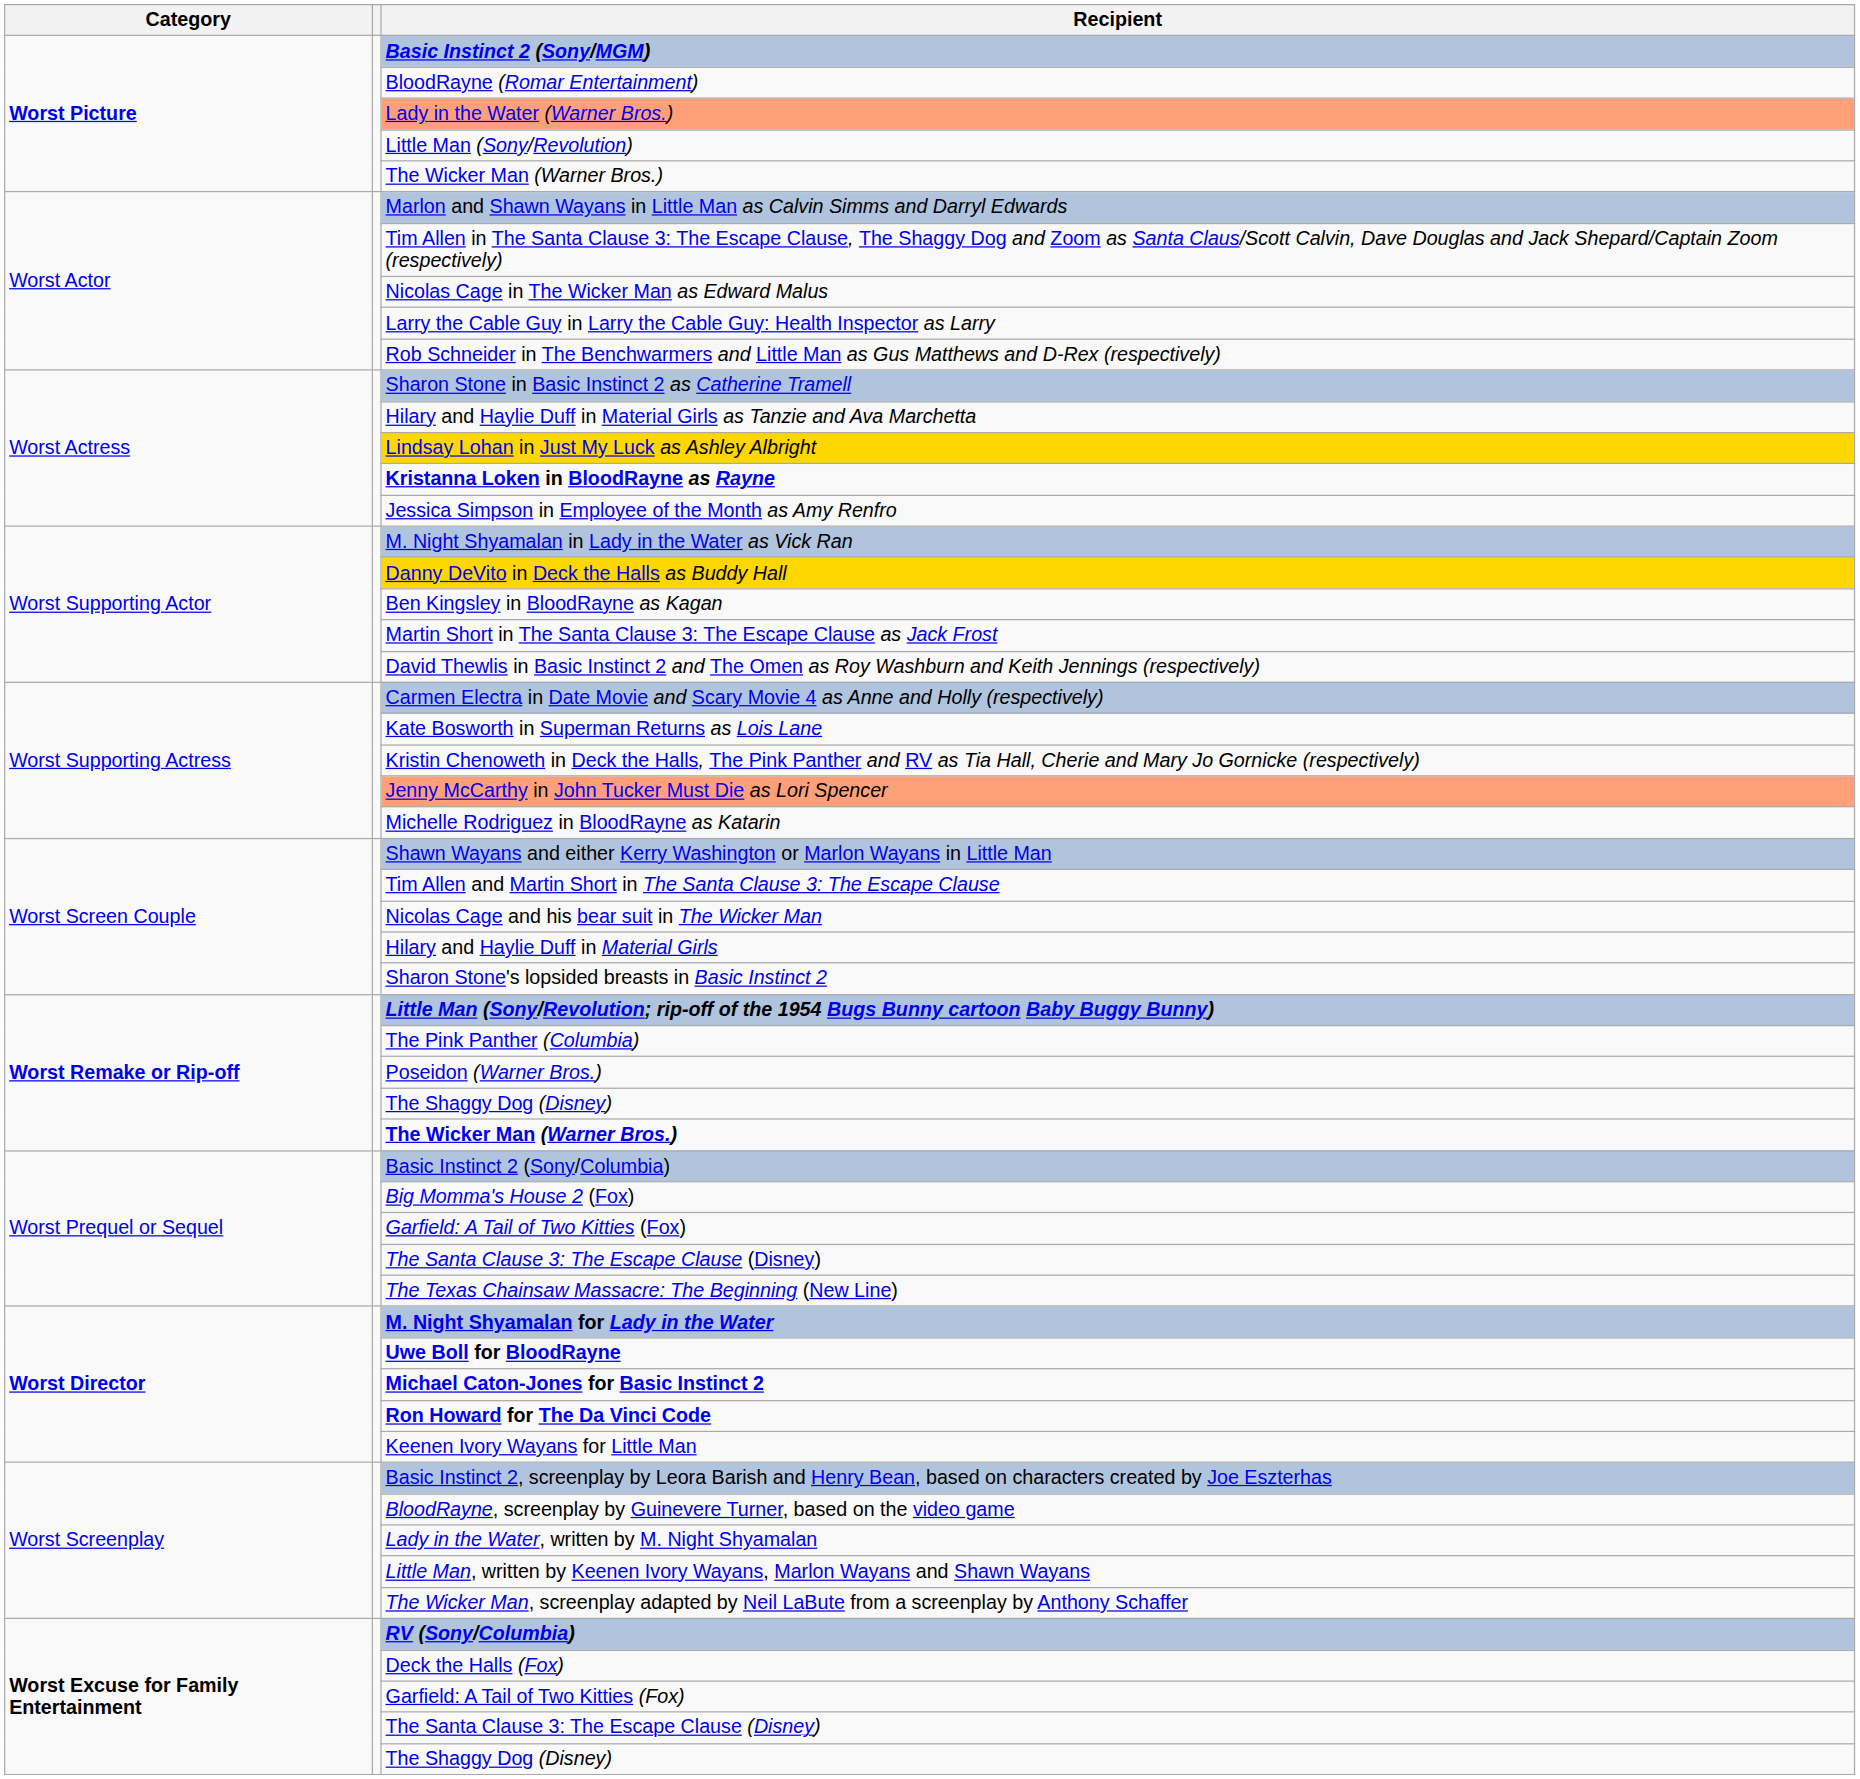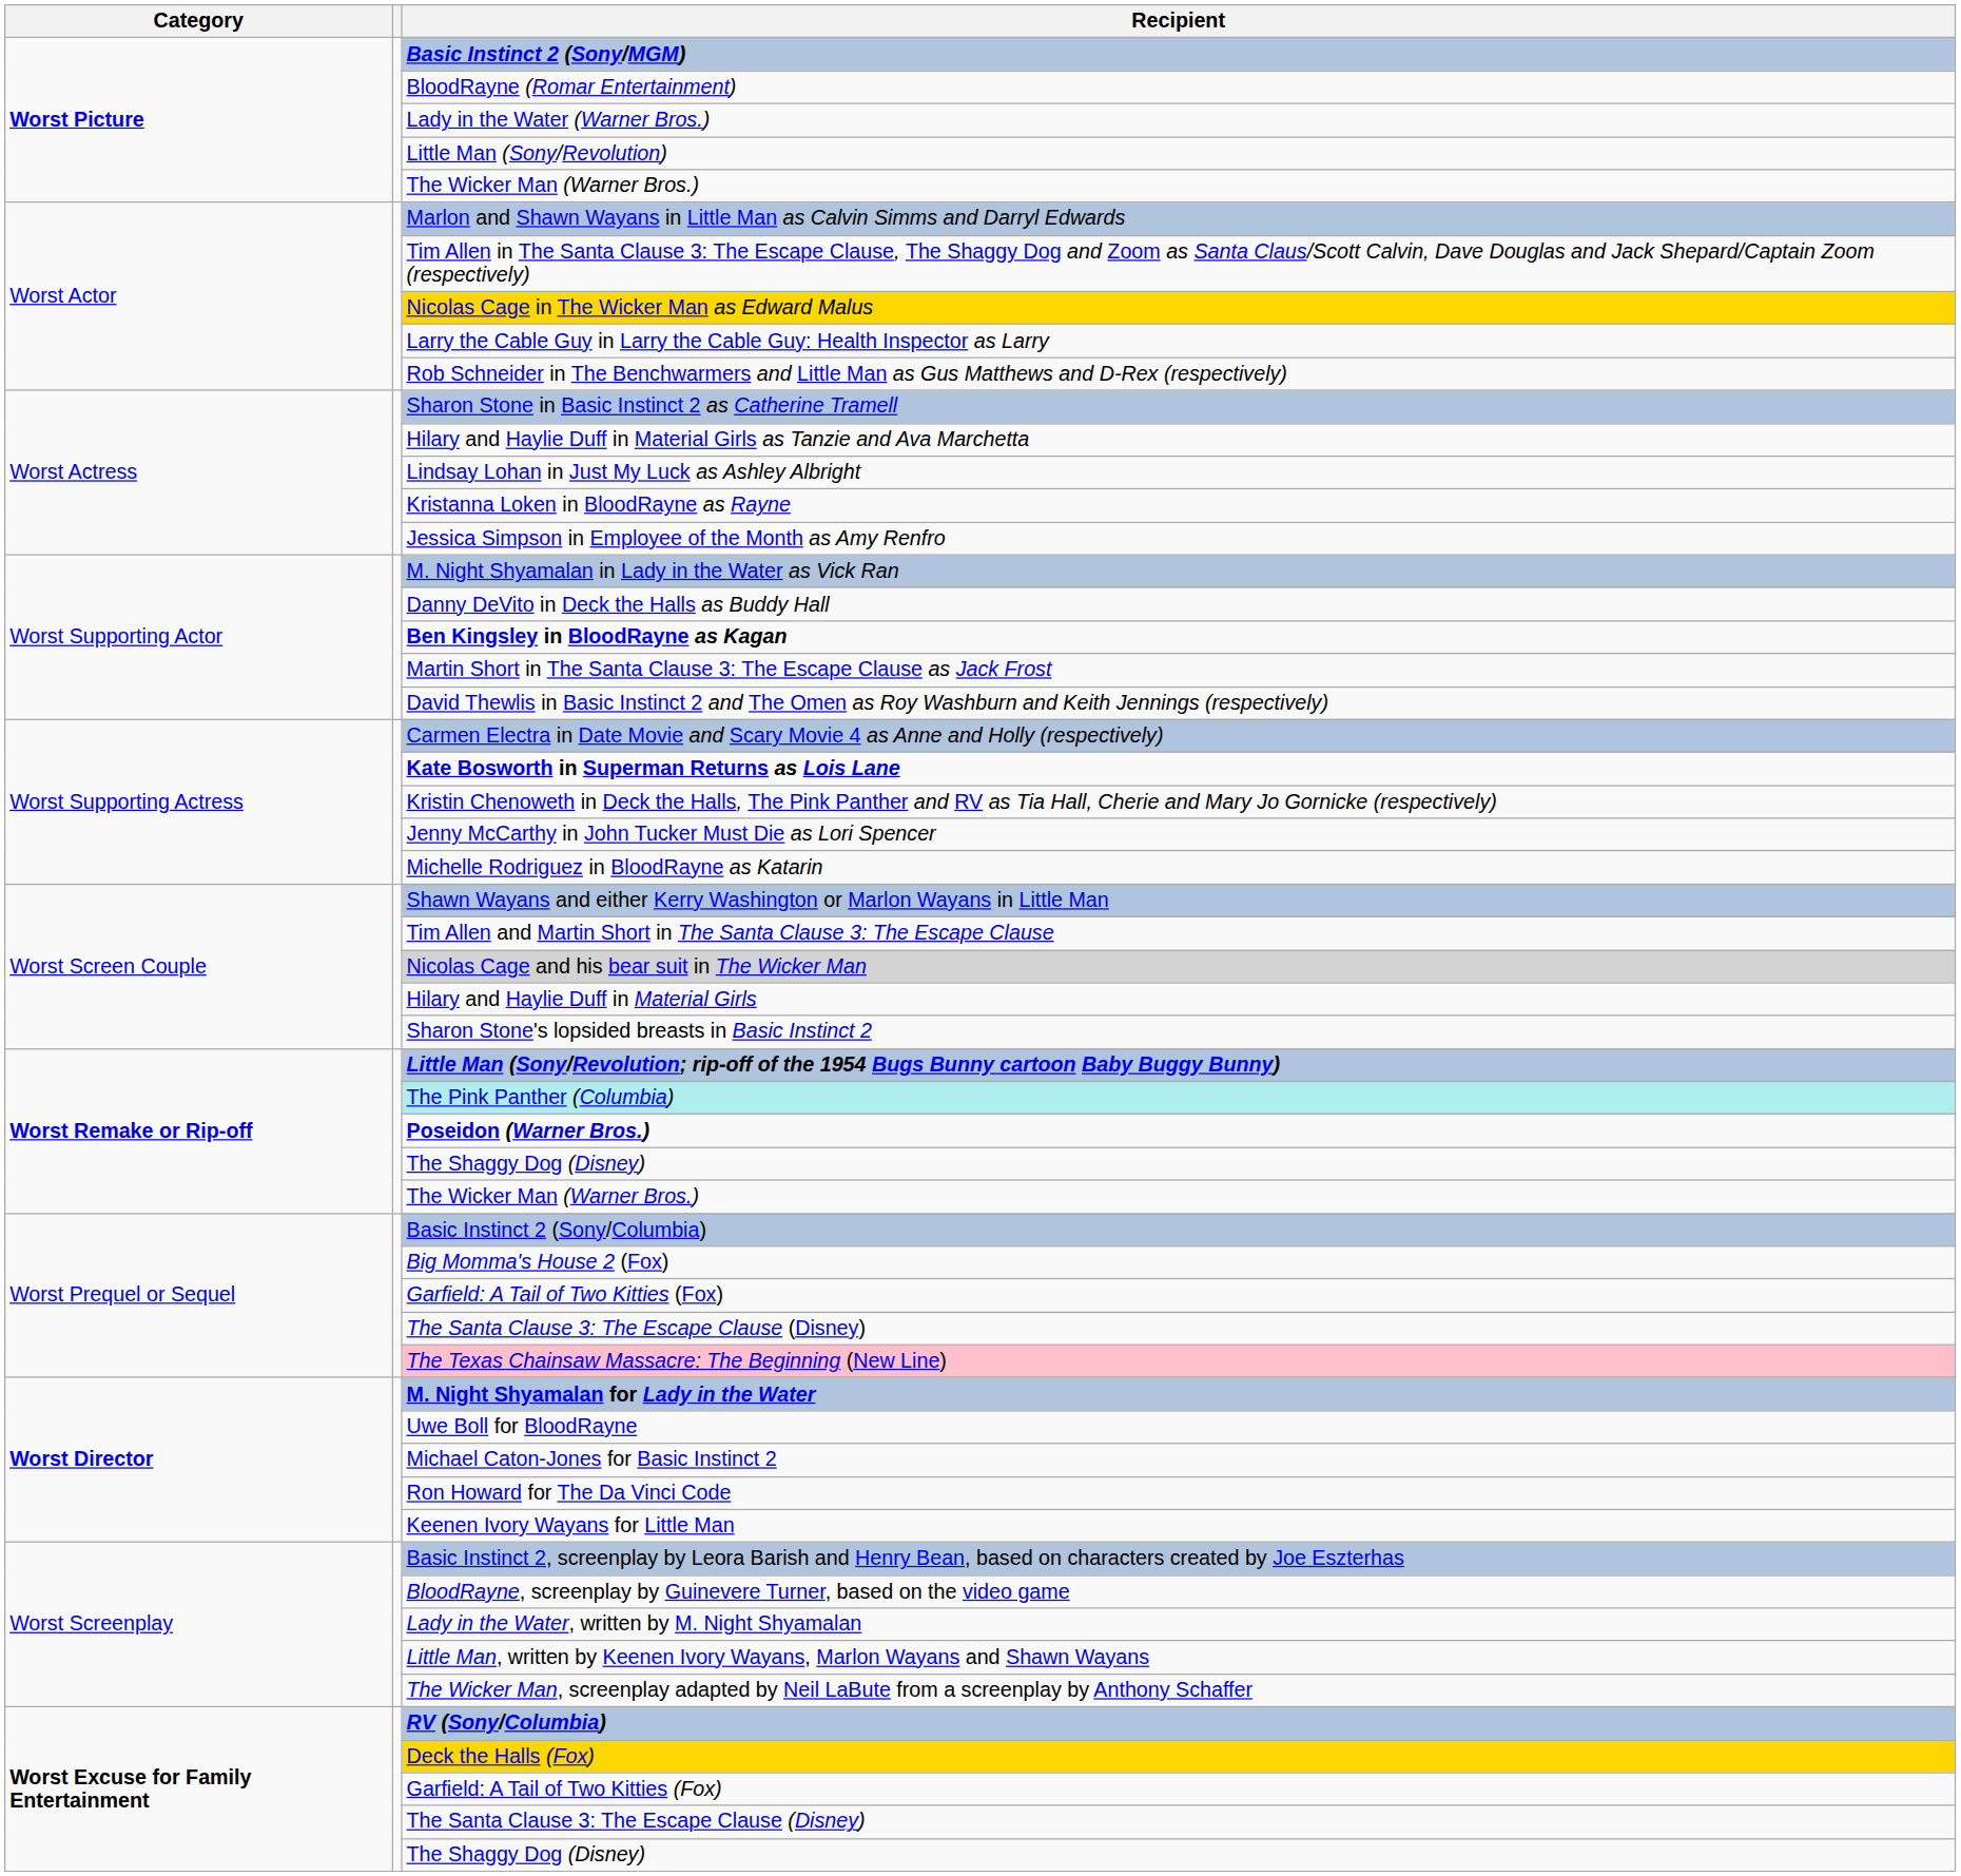 <table class="wikitable" width="95%" align="centre">
 <tr>
 <th>Category</th>
 <th></th>
 <th>Recipient</th>
 </tr>
 <tr>
 <td rowspan=5><strong><a href='#'>Worst Picture</a></strong></td>
 <td rowspan=5></td>
 <td style="background:#B0C4DE;"><strong><em><a href='#'>Basic Instinct 2</a><em> (<a href='#'>Sony</a>/<a href='#'>MGM</a>)<strong> </td>
 </tr>
 <tr>
 <td></em><a href='#'>BloodRayne</a><em> (<a href='#'>Romar Entertainment</a>)</td>
 </tr>
 <tr>
-<td style="background: lightsalmon;"></em><a href='#'>Lady in the Water</a><em> (<a href='#'>Warner Bros.</a>)</td>
+<td></em><a href='#'>Lady in the Water</a><em> (<a href='#'>Warner Bros.</a>)</td>
 </tr>
 <tr>
 <td></em><a href='#'>Little Man</a><em> (<a href='#'>Sony</a>/<a href='#'>Revolution</a>)</td>
 </tr>
 <tr>
 <td></em><a href='#'>The Wicker Man</a><em> (Warner Bros.)</td>
 </tr>
 <tr>
 <td rowspan=5></strong><a href='#'>Worst Actor</a><strong></td>
 <td rowspan=5><br></td>
 <td style="background:#B0C4DE;"></strong><a href='#'>Marlon</a> and <a href='#'>Shawn Wayans</a> in </em><a href='#'>Little Man</a><em> as Calvin Simms and Darryl Edwards<strong></td>
 </tr>
 <tr>
 <td><a href='#'>Tim Allen</a> in </em><a href='#'>The Santa Clause 3: The Escape Clause</a><em>, </em><a href='#'>The Shaggy Dog</a><em> and </em><a href='#'>Zoom</a><em> as <a href='#'>Santa Claus</a>/Scott Calvin, Dave Douglas and Jack Shepard/Captain Zoom (respectively)</td>
 </tr>
 <tr>
-<td><a href='#'>Nicolas Cage</a> in </em><a href='#'>The Wicker Man</a><em> as Edward Malus</td>
+<td style="background: gold;"><a href='#'>Nicolas Cage</a> in </em><a href='#'>The Wicker Man</a><em> as Edward Malus</td>
 </tr>
 <tr>
 <td><a href='#'>Larry the Cable Guy</a> in </em><a href='#'>Larry the Cable Guy: Health Inspector</a><em> as Larry</td>
 </tr>
 <tr>
 <td><a href='#'>Rob Schneider</a> in </em><a href='#'>The Benchwarmers</a><em> and </em><a href='#'>Little Man</a><em> as Gus Matthews and D-Rex (respectively)</td>
 </tr>
 <tr>
 <td rowspan=5></strong><a href='#'>Worst Actress</a><strong></td>
 <td rowspan=5></td>
 <td style="background:#B0C4DE;"></strong><a href='#'>Sharon Stone</a> in </em><a href='#'>Basic Instinct 2</a><em> as <a href='#'>Catherine Tramell</a><strong></td>
 </tr>
 <tr>
 <td><a href='#'>Hilary</a> and <a href='#'>Haylie Duff</a> in </em><a href='#'>Material Girls</a><em> as Tanzie and Ava Marchetta</td>
 </tr>
 <tr>
-<td style="background: gold;"><a href='#'>Lindsay Lohan</a> in </em><a href='#'>Just My Luck</a><em> as Ashley Albright</td>
+<td><a href='#'>Lindsay Lohan</a> in </em><a href='#'>Just My Luck</a><em> as Ashley Albright</td>
 </tr>
 <tr>
-<td><strong><a href='#'>Kristanna Loken</a> in </em><a href='#'>BloodRayne</a><em> as <a href='#'>Rayne</a></strong></td>
+<td><a href='#'>Kristanna Loken</a> in </em><a href='#'>BloodRayne</a><em> as <a href='#'>Rayne</a></td>
 </tr>
 <tr>
 <td><a href='#'>Jessica Simpson</a> in </em><a href='#'>Employee of the Month</a><em> as Amy Renfro</td>
 </tr>
 <tr>
 <td rowspan=5></strong><a href='#'>Worst Supporting Actor</a><strong></td>
 <td rowspan=5></td>
 <td style="background:#B0C4DE;"></strong><a href='#'>M. Night Shyamalan</a> in </em><a href='#'>Lady in the Water</a><em> as Vick Ran<strong></td>
 </tr>
 <tr>
-<td style="background: gold;"><a href='#'>Danny DeVito</a> in </em><a href='#'>Deck the Halls</a><em> as Buddy Hall</td>
+<td><a href='#'>Danny DeVito</a> in </em><a href='#'>Deck the Halls</a><em> as Buddy Hall</td>
 </tr>
 <tr>
-<td><a href='#'>Ben Kingsley</a> in </em><a href='#'>BloodRayne</a><em> as Kagan</td>
+<td><strong><a href='#'>Ben Kingsley</a> in </em><a href='#'>BloodRayne</a><em> as Kagan</strong></td>
 </tr>
 <tr>
 <td><a href='#'>Martin Short</a> in </em><a href='#'>The Santa Clause 3: The Escape Clause</a><em> as <a href='#'>Jack Frost</a></td>
 </tr>
 <tr>
 <td><a href='#'>David Thewlis</a> in </em><a href='#'>Basic Instinct 2</a><em> and </em><a href='#'>The Omen</a><em> as Roy Washburn and Keith Jennings (respectively)</td>
 </tr>
 <tr>
 <td rowspan=5></strong><a href='#'>Worst Supporting Actress</a><strong></td>
 <td rowspan=5></td>
 <td style="background:#B0C4DE;"></strong><a href='#'>Carmen Electra</a> in </em><a href='#'>Date Movie</a><em> and </em><a href='#'>Scary Movie 4</a><em> as Anne and Holly (respectively)<strong></td>
 </tr>
 <tr>
-<td><a href='#'>Kate Bosworth</a> in </em><a href='#'>Superman Returns</a><em> as <a href='#'>Lois Lane</a></td>
+<td><strong><a href='#'>Kate Bosworth</a> in </em><a href='#'>Superman Returns</a><em> as <a href='#'>Lois Lane</a></strong></td>
 </tr>
 <tr>
 <td><a href='#'>Kristin Chenoweth</a> in </em><a href='#'>Deck the Halls</a><em>, </em><a href='#'>The Pink Panther</a><em> and </em><a href='#'>RV</a><em> as Tia Hall, Cherie and Mary Jo Gornicke (respectively)</td>
 </tr>
 <tr>
-<td style="background: lightsalmon;"><a href='#'>Jenny McCarthy</a> in </em><a href='#'>John Tucker Must Die</a><em> as Lori Spencer</td>
+<td><a href='#'>Jenny McCarthy</a> in </em><a href='#'>John Tucker Must Die</a><em> as Lori Spencer</td>
 </tr>
 <tr>
 <td><a href='#'>Michelle Rodriguez</a> in </em><a href='#'>BloodRayne</a><em> as Katarin</td>
 </tr>
 <tr>
 <td rowspan=5></strong><a href='#'>Worst Screen Couple</a><strong></td>
 <td rowspan=5></td>
 <td style="background:#B0C4DE;"></strong><a href='#'>Shawn Wayans</a> and either <a href='#'>Kerry Washington</a> or <a href='#'>Marlon Wayans</a> in </em><a href='#'>Little Man</a></em></strong></td>
 </tr>
 <tr>
 <td><a href='#'>Tim Allen</a> and <a href='#'>Martin Short</a> in <em><a href='#'>The Santa Clause 3: The Escape Clause</a></em></td>
 </tr>
 <tr>
-<td><a href='#'>Nicolas Cage</a> and his <a href='#'>bear suit</a> in <em><a href='#'>The Wicker Man</a></em></td>
+<td style="background: lightgrey;"><a href='#'>Nicolas Cage</a> and his <a href='#'>bear suit</a> in <em><a href='#'>The Wicker Man</a></em></td>
 </tr>
 <tr>
 <td><a href='#'>Hilary</a> and <a href='#'>Haylie Duff</a> in <em><a href='#'>Material Girls</a></em></td>
 </tr>
 <tr>
 <td><a href='#'>Sharon Stone</a>'s lopsided breasts in <em><a href='#'>Basic Instinct 2</a></em></td>
 </tr>
 <tr>
 <td rowspan=5><strong><a href='#'>Worst Remake or Rip-off</a></strong></td>
 <td rowspan=5></td>
 <td style="background:#B0C4DE;"><strong><em><a href='#'>Little Man</a><em> (<a href='#'>Sony</a>/<a href='#'>Revolution</a>; rip-off of the 1954 <a href='#'>Bugs Bunny cartoon</a> </em><a href='#'>Baby Buggy Bunny</a><em>)<strong></td>
 </tr>
 <tr>
-<td></em><a href='#'>The Pink Panther</a><em> (<a href='#'>Columbia</a>)</td>
+<td style="background: paleturquoise;"></em><a href='#'>The Pink Panther</a><em> (<a href='#'>Columbia</a>)</td>
 </tr>
 <tr>
-<td></em><a href='#'>Poseidon</a><em> (<a href='#'>Warner Bros.</a>)</td>
+<td><strong></em><a href='#'>Poseidon</a><em> (<a href='#'>Warner Bros.</a>)</strong></td>
 </tr>
 <tr>
 <td></em><a href='#'>The Shaggy Dog</a><em> (<a href='#'>Disney</a>)</td>
 </tr>
 <tr>
-<td><strong></em><a href='#'>The Wicker Man</a><em> (<a href='#'>Warner Bros.</a>)</strong></td>
+<td></em><a href='#'>The Wicker Man</a><em> (<a href='#'>Warner Bros.</a>)</td>
 </tr>
 <tr>
 <td rowspan=5></strong><a href='#'>Worst Prequel or Sequel</a><strong></td>
 <td rowspan=5></td>
 <td style="background:#B0C4DE;"></em></strong><a href='#'>Basic Instinct 2</a></em> (<a href='#'>Sony</a>/<a href='#'>Columbia</a>)</strong></td>
 </tr>
 <tr>
 <td><em><a href='#'>Big Momma's House 2</a></em> (<a href='#'>Fox</a>)</td>
 </tr>
 <tr>
 <td><em><a href='#'>Garfield: A Tail of Two Kitties</a></em> (<a href='#'>Fox</a>)</td>
 </tr>
 <tr>
 <td><em><a href='#'>The Santa Clause 3: The Escape Clause</a></em> (<a href='#'>Disney</a>)</td>
 </tr>
 <tr>
-<td><em><a href='#'>The Texas Chainsaw Massacre: The Beginning</a></em> (<a href='#'>New Line</a>)</td>
+<td style="background: pink;"><em><a href='#'>The Texas Chainsaw Massacre: The Beginning</a></em> (<a href='#'>New Line</a>)</td>
 </tr>
 <tr>
 <td rowspan=5><strong><a href='#'>Worst Director</a></strong></td>
 <td rowspan=5></td>
 <td style="background:#B0C4DE;"><strong><a href='#'>M. Night Shyamalan</a> for <em><a href='#'>Lady in the Water</a><strong><em></td>
 </tr>
 <tr>
-<td><strong><a href='#'>Uwe Boll</a> for </em><a href='#'>BloodRayne</a><em></strong></td>
+<td><a href='#'>Uwe Boll</a> for </em><a href='#'>BloodRayne</a><em></td>
 </tr>
 <tr>
-<td><strong><a href='#'>Michael Caton-Jones</a> for </em><a href='#'>Basic Instinct 2</a><em></strong></td>
+<td><a href='#'>Michael Caton-Jones</a> for </em><a href='#'>Basic Instinct 2</a><em></td>
 </tr>
 <tr>
-<td><strong><a href='#'>Ron Howard</a> for </em><a href='#'>The Da Vinci Code</a><em></strong></td>
+<td><a href='#'>Ron Howard</a> for </em><a href='#'>The Da Vinci Code</a><em></td>
 </tr>
 <tr>
 <td><a href='#'>Keenen Ivory Wayans</a> for </em><a href='#'>Little Man</a><em></td>
 </tr>
 <tr>
 <td rowspan=5></strong><a href='#'>Worst Screenplay</a><strong></td>
 <td rowspan=5></td>
 <td style="background:#B0C4DE;"></em></strong><a href='#'>Basic Instinct 2</a></em>, screenplay by Leora Barish and <a href='#'>Henry Bean</a>, based on characters created by <a href='#'>Joe Eszterhas</a></strong></td>
 </tr>
 <tr>
 <td><em><a href='#'>BloodRayne</a></em>, screenplay by <a href='#'>Guinevere Turner</a>, based on the <a href='#'>video game</a></td>
 </tr>
 <tr>
 <td><em><a href='#'>Lady in the Water</a></em>, written by <a href='#'>M. Night Shyamalan</a></td>
 </tr>
 <tr>
 <td><em><a href='#'>Little Man</a></em>, written by <a href='#'>Keenen Ivory Wayans</a>, <a href='#'>Marlon Wayans</a> and <a href='#'>Shawn Wayans</a></td>
 </tr>
 <tr>
 <td><em><a href='#'>The Wicker Man</a></em>, screenplay adapted by <a href='#'>Neil LaBute</a> from a screenplay by <a href='#'>Anthony Schaffer</a></td>
 </tr>
 <tr>
 <td rowspan=5><strong>Worst Excuse for Family Entertainment</strong></td>
 <td rowspan=5></td>
 <td style="background:#B0C4DE;"><strong><em><a href='#'>RV</a><em> (<a href='#'>Sony</a>/<a href='#'>Columbia</a>)<strong></td>
 </tr>
 <tr>
-<td></em><a href='#'>Deck the Halls</a><em> (<a href='#'>Fox</a>)</td>
+<td style="background: gold;"></em><a href='#'>Deck the Halls</a><em> (<a href='#'>Fox</a>)</td>
 </tr>
 <tr>
 <td></em><a href='#'>Garfield: A Tail of Two Kitties</a><em> (Fox)</td>
 </tr>
 <tr>
 <td></em><a href='#'>The Santa Clause 3: The Escape Clause</a><em> (<a href='#'>Disney</a>)</td>
 </tr>
 <tr>
 <td></em><a href='#'>The Shaggy Dog</a><em> (Disney)</td>
 </tr>
 </table>
